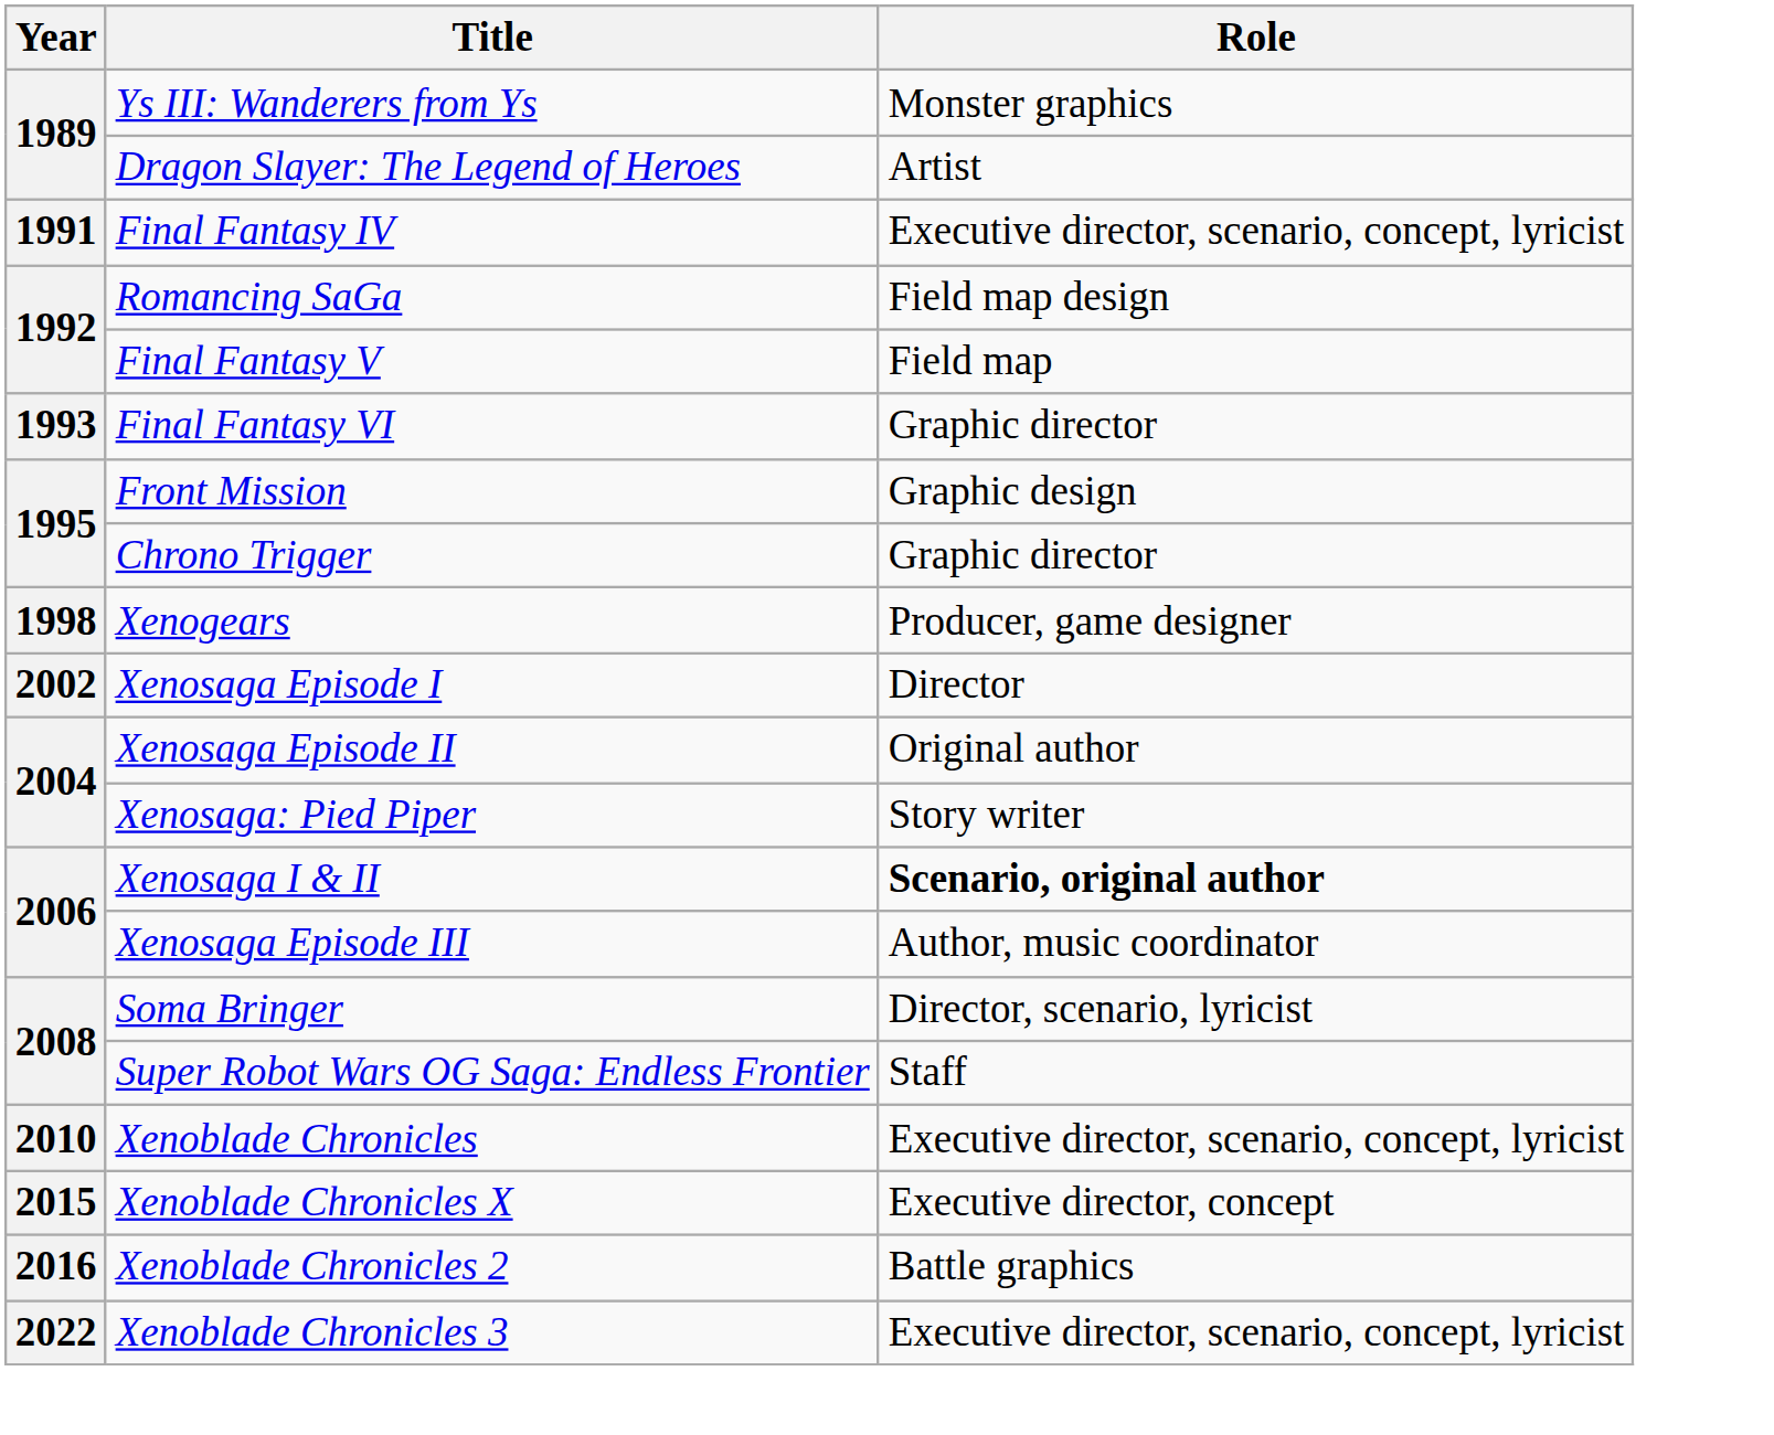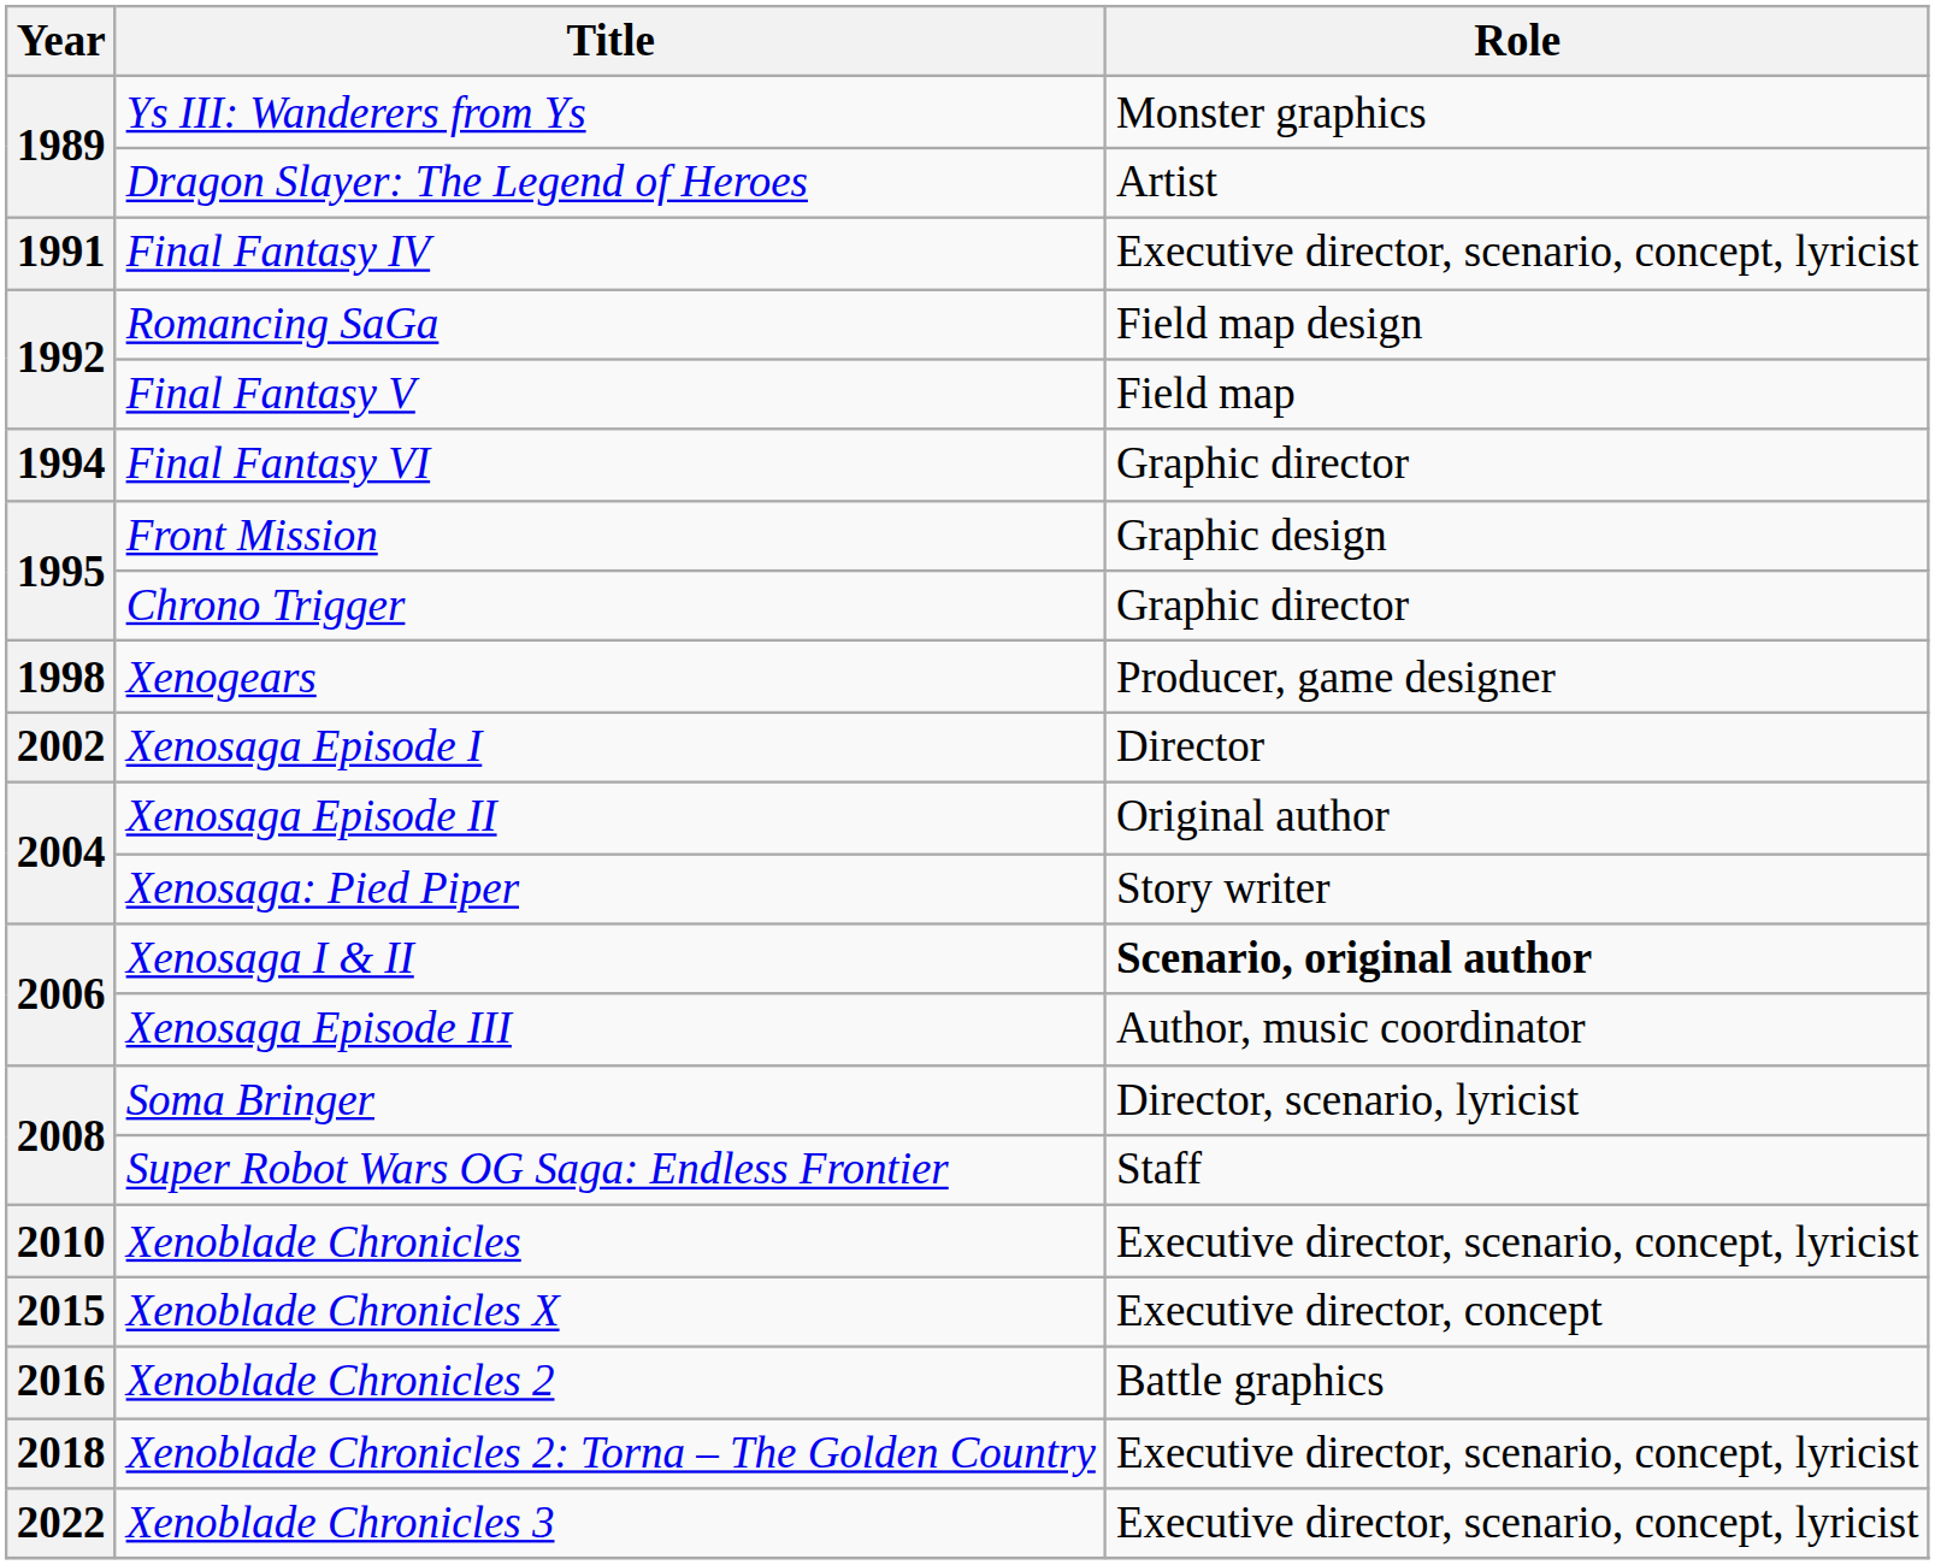 <table class="wikitable sortable">
 <tr>
 <th>Year</th>
 <th>Title</th>
 <th>Role</th>
 </tr>
 <tr>
 <th rowspan="2">1989</th>
 <td><em><a href='#'>Ys III: Wanderers from Ys</a></em></td>
 <td>Monster graphics</td>
 </tr>
 <tr>
 <td><em><a href='#'>Dragon Slayer: The Legend of Heroes</a></em></td>
 <td>Artist</td>
 </tr>
 <tr>
 <th>1991</th>
 <td><em><a href='#'>Final Fantasy IV</a></em></td>
 <td>Executive director, scenario, concept, lyricist</td>
 </tr>
 <tr>
 <th rowspan="2">1992</th>
 <td><em><a href='#'>Romancing SaGa</a></em></td>
 <td>Field map design</td>
 </tr>
 <tr>
 <td><em><a href='#'>Final Fantasy V</a></em></td>
 <td>Field map</td>
 </tr>
 <tr>
-<th>1993</th>
+<th>1994</th>
 <td><em><a href='#'>Final Fantasy VI</a></em></td>
 <td>Graphic director</td>
 </tr>
 <tr>
 <th rowspan="2">1995</th>
 <td><em><a href='#'>Front Mission</a></em></td>
 <td>Graphic design</td>
 </tr>
 <tr>
 <td><em><a href='#'>Chrono Trigger</a></em></td>
 <td>Graphic director</td>
 </tr>
 <tr>
 <th>1998</th>
 <td><em><a href='#'>Xenogears</a></em></td>
 <td>Producer, game designer</td>
 </tr>
 <tr>
 <th>2002</th>
 <td><em><a href='#'>Xenosaga Episode I</a></em></td>
 <td>Director</td>
 </tr>
 <tr>
 <th rowspan="2">2004</th>
 <td><em><a href='#'>Xenosaga Episode II</a></em></td>
 <td>Original author</td>
 </tr>
 <tr>
 <td><em><a href='#'>Xenosaga: Pied Piper</a></em></td>
 <td>Story writer</td>
 </tr>
 <tr>
 <th rowspan="2'">2006</th>
 <td><em><a href='#'>Xenosaga I & II</a></em></td>
 <td><strong>Scenario, original author</strong></td>
 </tr>
 <tr>
 <td><em><a href='#'>Xenosaga Episode III</a></em></td>
 <td>Author, music coordinator</td>
 </tr>
 <tr>
 <th rowspan="2">2008</th>
 <td><em><a href='#'>Soma Bringer</a></em></td>
 <td>Director, scenario, lyricist</td>
 </tr>
 <tr>
 <td><em><a href='#'>Super Robot Wars OG Saga: Endless Frontier</a></em></td>
 <td>Staff</td>
 </tr>
 <tr>
 <th>2010</th>
 <td><em><a href='#'>Xenoblade Chronicles</a></em></td>
 <td>Executive director, scenario, concept, lyricist</td>
 </tr>
 <tr>
 <th>2015</th>
 <td><em><a href='#'>Xenoblade Chronicles X</a></em></td>
 <td>Executive director, concept</td>
 </tr>
 <tr>
 <th>2016</th>
 <td><em><a href='#'>Xenoblade Chronicles 2</a></em></td>
 <td>Battle graphics</td>
 </tr>
 <tr>
+<th>2018</th>
+<td><em><a href='#'>Xenoblade Chronicles 2: Torna – The Golden Country</a></em></td>
+<td>Executive director, scenario, concept, lyricist</td>
+</tr>
+<tr>
 <th>2022</th>
 <td><em><a href='#'>Xenoblade Chronicles 3</a></em></td>
 <td>Executive director, scenario, concept, lyricist</td>
 </tr>
 <tr>
 </tr>
 </table>
